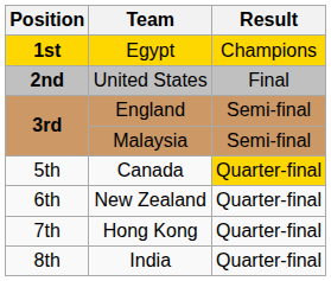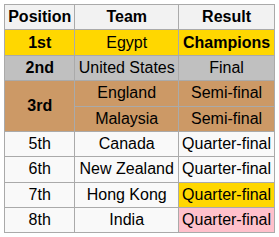 <table class="wikitable" style="text-align: center;">
 <tr>
 <th>Position</th>
 <th>Team</th>
 <th>Result</th>
 </tr>
 <tr style="background:gold;">
 <td><strong>1st</strong></td>
 <td> Egypt</td>
-<td>Champions</td>
+<td><strong>Champions</strong></td>
 </tr>
 <tr style="background:silver;">
 <td><strong>2nd</strong></td>
 <td> United States</td>
 <td>Final</td>
 </tr>
 <tr style="background:#c96;">
 <td rowspan=2><strong>3rd</strong></td>
 <td> England</td>
 <td>Semi-final</td>
 </tr>
 <tr style="background:#c96;">
 <td> Malaysia</td>
 <td>Semi-final</td>
 </tr>
 <tr>
 <td>5th</td>
 <td> Canada</td>
-<td style="background: gold;">Quarter-final</td>
+<td>Quarter-final</td>
 </tr>
 <tr>
 <td>6th</td>
 <td> New Zealand</td>
 <td>Quarter-final</td>
 </tr>
 <tr>
 <td>7th</td>
 <td> Hong Kong</td>
-<td>Quarter-final</td>
+<td style="background: gold;">Quarter-final</td>
 </tr>
 <tr>
 <td>8th</td>
 <td> India</td>
-<td>Quarter-final</td>
+<td style="background: pink;">Quarter-final</td>
 </tr>
 <tr>
 </tr>
 </table>
